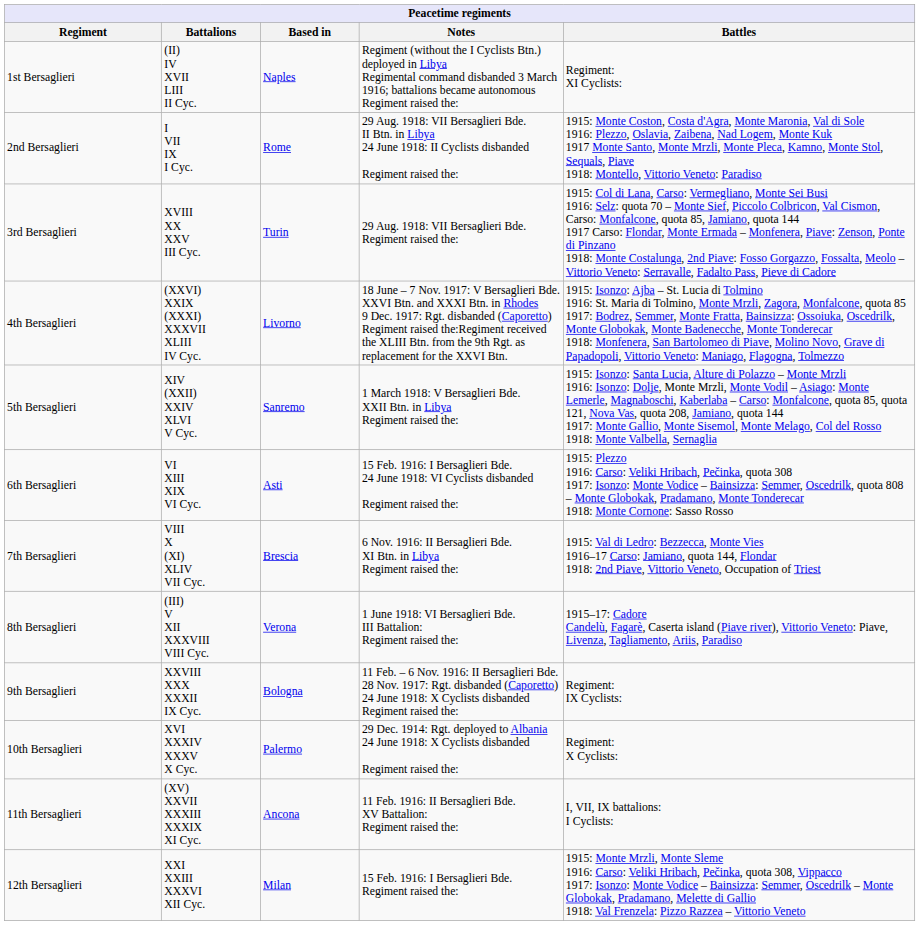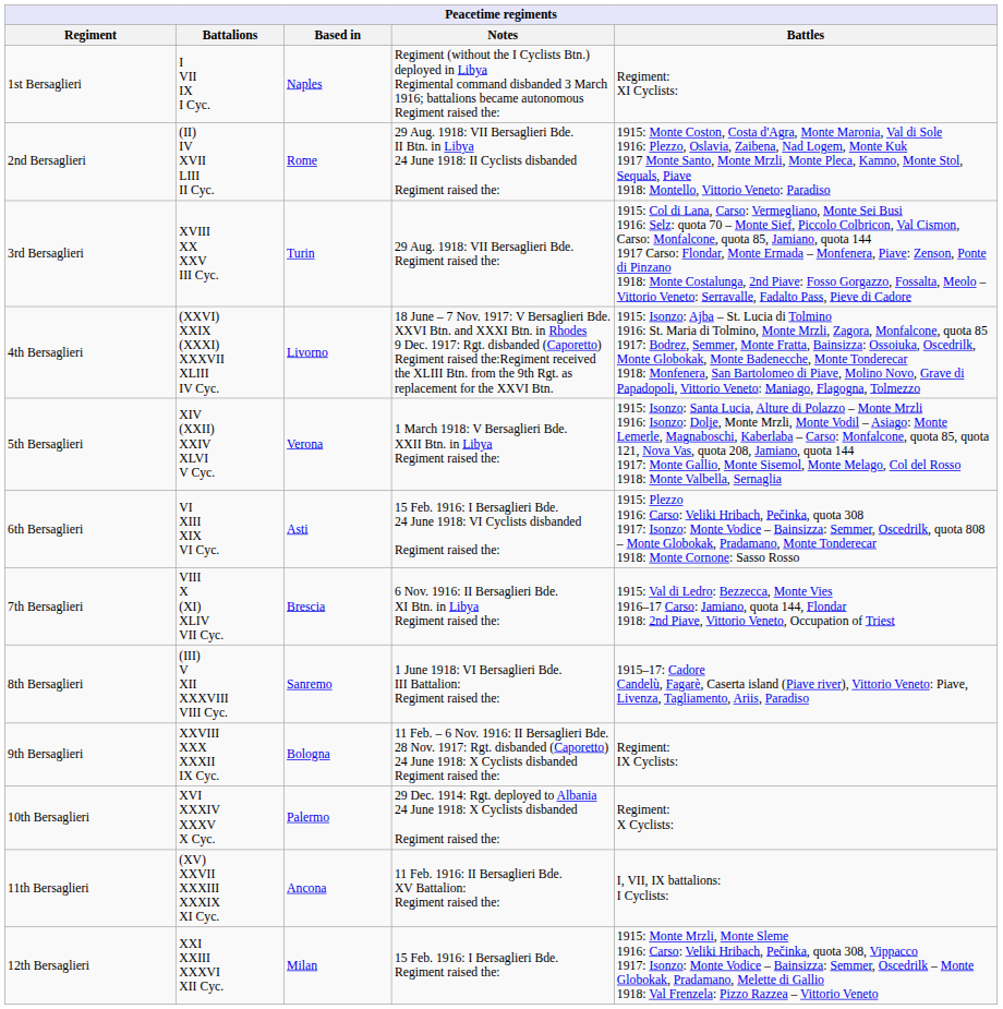 <table class="wikitable">
 <tr>
 <th style="align: center; background: lavender;" colspan="5">Peacetime regiments</th>
 </tr>
 <tr>
 <th>Regiment</th>
 <th>Battalions</th>
 <th>Based in</th>
 <th>Notes</th>
 <th>Battles</th>
 </tr>
 <tr>
 <td style="width: 13em;">1st Bersaglieri</td>
-<td>(II)<br>IV<br>XVII<br>LIII<br>II Cyc.</td>
+<td style="width: 8em;">I<br>VII<br>IX<br>I Cyc.</td>
 <td style="width: 8em;"><a href='#'>Naples</a></td>
 <td style="width: 17em;">Regiment (without the I Cyclists Btn.) deployed in <a href='#'>Libya</a><br>Regimental command disbanded 3 March 1916; battalions became autonomous<br>Regiment raised the:</td>
 <td>Regiment:<br>XI Cyclists:</td>
 </tr>
 <tr>
 <td>2nd Bersaglieri</td>
-<td style="width: 8em;">I<br>VII<br>IX<br>I Cyc.</td>
+<td>(II)<br>IV<br>XVII<br>LIII<br>II Cyc.</td>
 <td><a href='#'>Rome</a></td>
 <td>29 Aug. 1918: VII Bersaglieri Bde.<br>II Btn. in <a href='#'>Libya</a><br>24 June 1918: II Cyclists disbanded<br><br>Regiment raised the:</td>
 <td>1915: <a href='#'>Monte Coston</a>, <a href='#'>Costa d'Agra</a>, <a href='#'>Monte Maronia</a>, <a href='#'>Val di Sole</a><br>1916: <a href='#'>Plezzo</a>, <a href='#'>Oslavia</a>, <a href='#'>Zaibena</a>, <a href='#'>Nad Logem</a>, <a href='#'>Monte Kuk</a><br>1917 <a href='#'>Monte Santo</a>, <a href='#'>Monte Mrzli</a>, <a href='#'>Monte Pleca</a>, <a href='#'>Kamno</a>, <a href='#'>Monte Stol</a>, <a href='#'>Sequals</a>, <a href='#'>Piave</a><br>1918: <a href='#'>Montello</a>, <a href='#'>Vittorio Veneto</a>: <a href='#'>Paradiso</a></td>
 </tr>
 <tr>
 <td>3rd Bersaglieri</td>
 <td>XVIII<br>XX<br>XXV<br>III Cyc.</td>
 <td><a href='#'>Turin</a></td>
 <td>29 Aug. 1918: VII Bersaglieri Bde.<br>Regiment raised the:</td>
 <td>1915: <a href='#'>Col di Lana</a>, <a href='#'>Carso</a>: <a href='#'>Vermegliano</a>, <a href='#'>Monte Sei Busi</a><br>1916: <a href='#'>Selz</a>: quota 70 – <a href='#'>Monte Sief</a>, <a href='#'>Piccolo Colbricon</a>, <a href='#'>Val Cismon</a>, Carso: <a href='#'>Monfalcone</a>, quota 85, <a href='#'>Jamiano</a>, quota 144<br>1917 Carso: <a href='#'>Flondar</a>, <a href='#'>Monte Ermada</a> – <a href='#'>Monfenera</a>, <a href='#'>Piave</a>: <a href='#'>Zenson</a>, <a href='#'>Ponte di Pinzano</a><br>1918: <a href='#'>Monte Costalunga</a>, <a href='#'>2nd Piave</a>: <a href='#'>Fosso Gorgazzo</a>, <a href='#'>Fossalta</a>, <a href='#'>Meolo</a> – <a href='#'>Vittorio Veneto</a>: <a href='#'>Serravalle</a>, <a href='#'>Fadalto Pass</a>, <a href='#'>Pieve di Cadore</a></td>
 </tr>
 <tr>
 <td>4th Bersaglieri</td>
 <td>(XXVI)<br>XXIX<br>(XXXI)<br>XXXVII<br>XLIII<br>IV Cyc.</td>
 <td><a href='#'>Livorno</a></td>
 <td>18 June – 7 Nov. 1917: V Bersaglieri Bde.<br>XXVI Btn. and XXXI Btn. in <a href='#'>Rhodes</a><br>9 Dec. 1917: Rgt. disbanded (<a href='#'>Caporetto</a>)<br>Regiment raised the:Regiment received the XLIII Btn. from the 9th Rgt. as replacement for the XXVI Btn.</td>
 <td>1915: <a href='#'>Isonzo</a>: <a href='#'>Ajba</a> – St. Lucia di <a href='#'>Tolmino</a><br>1916: St. Maria di Tolmino, <a href='#'>Monte Mrzli</a>, <a href='#'>Zagora</a>, <a href='#'>Monfalcone</a>, quota 85<br>1917: <a href='#'>Bodrez</a>, <a href='#'>Semmer</a>, <a href='#'>Monte Fratta</a>, <a href='#'>Bainsizza</a>: <a href='#'>Ossoiuka</a>, <a href='#'>Oscedrilk</a>, <a href='#'>Monte Globokak</a>, <a href='#'>Monte Badenecche</a>, <a href='#'>Monte Tonderecar</a><br>1918: <a href='#'>Monfenera</a>, <a href='#'>San Bartolomeo di Piave</a>, <a href='#'>Molino Novo</a>, <a href='#'>Grave di Papadopoli</a>, <a href='#'>Vittorio Veneto</a>: <a href='#'>Maniago</a>, <a href='#'>Flagogna</a>, <a href='#'>Tolmezzo</a></td>
 </tr>
 <tr>
 <td>5th Bersaglieri</td>
 <td>XIV<br>(XXII)<br>XXIV<br>XLVI<br>V Cyc.</td>
-<td><a href='#'>Sanremo</a></td>
+<td><a href='#'>Verona</a></td>
 <td>1 March 1918: V Bersaglieri Bde.<br>XXII Btn. in <a href='#'>Libya</a><br>Regiment raised the:<br></td>
 <td>1915: <a href='#'>Isonzo</a>: <a href='#'>Santa Lucia</a>, <a href='#'>Alture di Polazzo</a> – <a href='#'>Monte Mrzli</a><br>1916: <a href='#'>Isonzo</a>: <a href='#'>Dolje</a>, Monte Mrzli, <a href='#'>Monte Vodil</a> – <a href='#'>Asiago</a>: <a href='#'>Monte Lemerle</a>, <a href='#'>Magnaboschi</a>, <a href='#'>Kaberlaba</a> – <a href='#'>Carso</a>: <a href='#'>Monfalcone</a>, quota 85, quota 121, <a href='#'>Nova Vas</a>, quota 208, <a href='#'>Jamiano</a>, quota 144<br>1917: <a href='#'>Monte Gallio</a>, <a href='#'>Monte Sisemol</a>, <a href='#'>Monte Melago</a>, <a href='#'>Col del Rosso</a><br>1918: <a href='#'>Monte Valbella</a>, <a href='#'>Sernaglia</a></td>
 </tr>
 <tr>
 <td>6th Bersaglieri</td>
 <td>VI<br>XIII<br>XIX<br>VI Cyc.</td>
 <td><a href='#'>Asti</a></td>
 <td>15 Feb. 1916: I Bersaglieri Bde.<br>24 June 1918: VI Cyclists disbanded<br><br>Regiment raised the:</td>
 <td>1915: <a href='#'>Plezzo</a><br>1916: <a href='#'>Carso</a>: <a href='#'>Veliki Hribach</a>, <a href='#'>Pečinka</a>, quota 308<br>1917: <a href='#'>Isonzo</a>: <a href='#'>Monte Vodice</a> – <a href='#'>Bainsizza</a>: <a href='#'>Semmer</a>, <a href='#'>Oscedrilk</a>, quota 808 – <a href='#'>Monte Globokak</a>, <a href='#'>Pradamano</a>, <a href='#'>Monte Tonderecar</a><br>1918: <a href='#'>Monte Cornone</a>: Sasso Rosso</td>
 </tr>
 <tr>
 <td>7th Bersaglieri</td>
 <td>VIII<br>X<br>(XI)<br>XLIV<br>VII Cyc.</td>
 <td><a href='#'>Brescia</a></td>
 <td>6 Nov. 1916: II Bersaglieri Bde.<br>XI Btn. in <a href='#'>Libya</a><br>Regiment raised the:<br></td>
 <td>1915: <a href='#'>Val di Ledro</a>: <a href='#'>Bezzecca</a>, <a href='#'>Monte Vies</a><br>1916–17 <a href='#'>Carso</a>: <a href='#'>Jamiano</a>, quota 144, <a href='#'>Flondar</a><br>1918: <a href='#'>2nd Piave</a>, <a href='#'>Vittorio Veneto</a>, Occupation of <a href='#'>Triest</a></td>
 </tr>
 <tr>
 <td>8th Bersaglieri</td>
 <td>(III)<br>V<br>XII<br>XXXVIII<br>VIII Cyc.</td>
-<td><a href='#'>Verona</a></td>
+<td><a href='#'>Sanremo</a></td>
 <td>1 June 1918: VI Bersaglieri Bde.<br>III Battalion:<br>Regiment raised the:</td>
 <td>1915–17: <a href='#'>Cadore</a><br><a href='#'>Candelù</a>, <a href='#'>Fagarè</a>, Caserta island (<a href='#'>Piave river</a>), <a href='#'>Vittorio Veneto</a>: Piave, <a href='#'>Livenza</a>, <a href='#'>Tagliamento</a>, <a href='#'>Ariis</a>, <a href='#'>Paradiso</a></td>
 </tr>
 <tr>
 <td>9th Bersaglieri</td>
 <td>XXVIII<br>XXX<br>XXXII<br>IX Cyc.</td>
 <td><a href='#'>Bologna</a></td>
 <td>11 Feb. – 6 Nov. 1916: II Bersaglieri Bde.<br>28 Nov. 1917: Rgt. disbanded (<a href='#'>Caporetto</a>)<br>24 June 1918: X Cyclists disbanded<br>Regiment raised the:</td>
 <td>Regiment:<br>IX Cyclists:</td>
 </tr>
 <tr>
 <td>10th Bersaglieri</td>
 <td>XVI<br>XXXIV<br>XXXV<br>X Cyc.</td>
 <td><a href='#'>Palermo</a></td>
 <td>29 Dec. 1914: Rgt. deployed to <a href='#'>Albania</a><br>24 June 1918: X Cyclists disbanded<br><br>Regiment raised the:</td>
 <td>Regiment:<br>X Cyclists:</td>
 </tr>
 <tr>
 <td>11th Bersaglieri</td>
 <td>(XV)<br>XXVII<br>XXXIII<br>XXXIX<br>XI Cyc.</td>
 <td><a href='#'>Ancona</a></td>
 <td>11 Feb. 1916: II Bersaglieri Bde.<br>XV Battalion:<br>Regiment raised the:</td>
 <td>I, VII, IX battalions:<br>I Cyclists:</td>
 </tr>
 <tr>
 <td>12th Bersaglieri</td>
 <td>XXI<br>XXIII<br>XXXVI<br>XII Cyc.</td>
 <td><a href='#'>Milan</a></td>
 <td>15 Feb. 1916: I Bersaglieri Bde.<br>Regiment raised the:</td>
 <td>1915: <a href='#'>Monte Mrzli</a>, <a href='#'>Monte Sleme</a><br>1916: <a href='#'>Carso</a>: <a href='#'>Veliki Hribach</a>, <a href='#'>Pečinka</a>, quota 308, <a href='#'>Vippacco</a><br>1917: <a href='#'>Isonzo</a>: <a href='#'>Monte Vodice</a> – <a href='#'>Bainsizza</a>: <a href='#'>Semmer</a>, <a href='#'>Oscedrilk</a> – <a href='#'>Monte Globokak</a>, <a href='#'>Pradamano</a>, <a href='#'>Melette di Gallio</a><br>1918: <a href='#'>Val Frenzela</a>: <a href='#'>Pizzo Razzea</a> – <a href='#'>Vittorio Veneto</a></td>
 </tr>
 </table>
